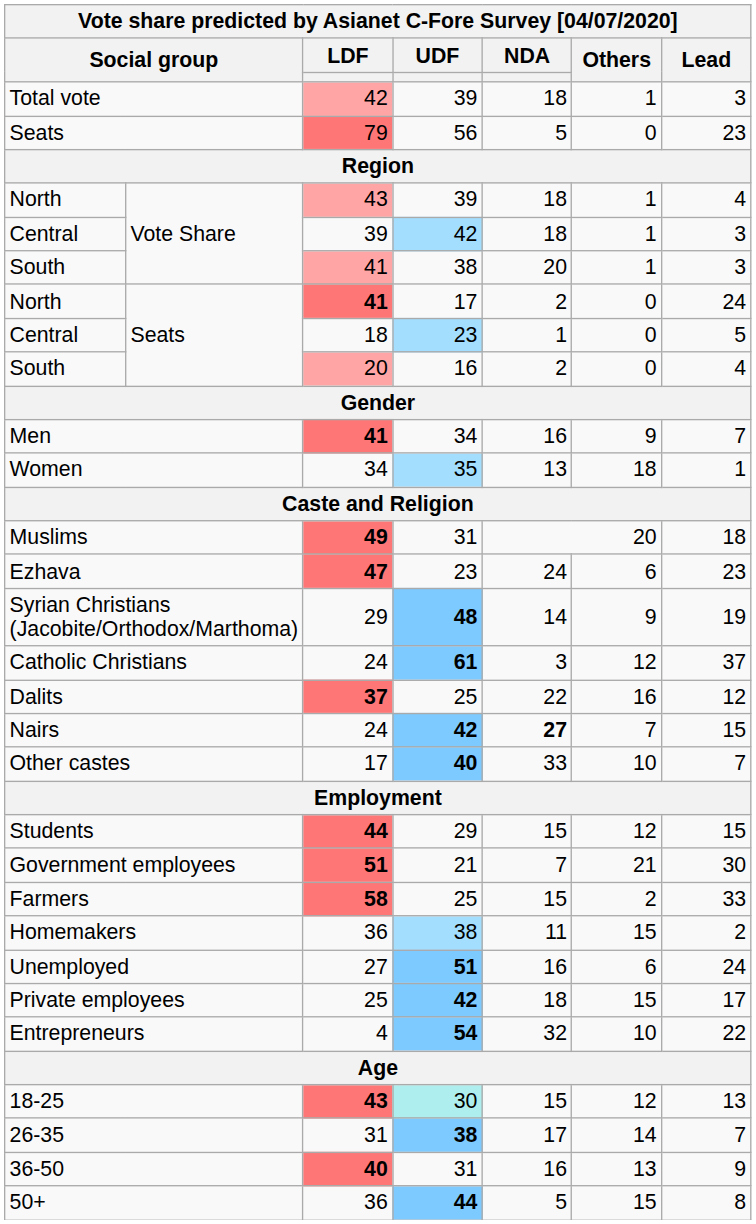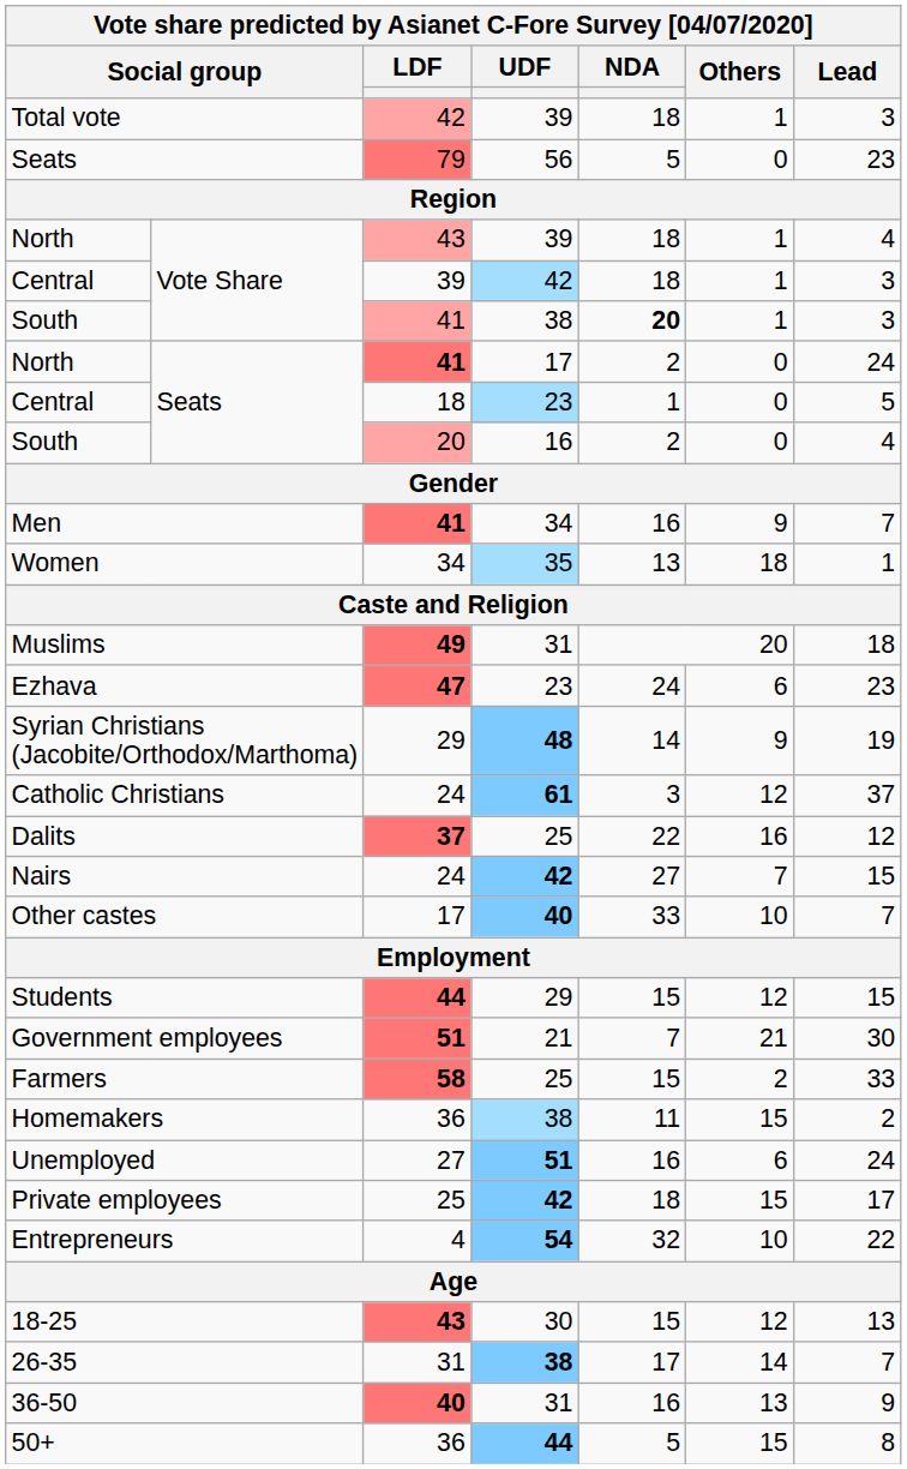 <table class="wikitable mw-collapsible mw-collapsed">
 <tr>
 <th colspan="7">Vote share predicted by Asianet C-Fore Survey [04/07/2020]</th>
 </tr>
 <tr>
 <th colspan="2" rowspan="2">Social group</th>
 <th class="unsortable" style="width:60px;">LDF</th>
 <th class="unsortable" style="width:60px;">UDF</th>
 <th class="unsortable" style="width:60px;">NDA</th>
 <th rowspan="2" class="unsortable" style="width:60px;">Others</th>
 <th rowspan="2" class="unsortable" style="width:60px;">Lead</th>
 </tr>
 <tr>
 <th class="unsortable" style="color:inherit;background:"></th>
 <th class="unsortable" style="color:inherit;background:"></th>
 <th class="unsortable" style="color:inherit;background:"></th>
 </tr>
 <tr>
 <td colspan="2">Total vote</td>
 <td style="text-align:right; background:#FFA5A5;">42</td>
 <td style="text-align:right;">39</td>
 <td style="text-align:right;">18</td>
 <td style="text-align:right;">1</td>
 <td style="text-align:right; background:">3</td>
 </tr>
 <tr>
 <td colspan="2">Seats</td>
 <td style="text-align:right; background:#FF7676;">79</td>
 <td style="text-align:right;">56</td>
 <td style="text-align:right;">5</td>
 <td style="text-align:right;">0</td>
 <td style="text-align:right; background:">23</td>
 </tr>
 <tr>
 <th colspan="7">Region</th>
 </tr>
 <tr>
 <td>North</td>
 <td rowspan="3">Vote Share</td>
 <td style="text-align:right; background:#FFA5A5;">43</td>
 <td style="text-align:right;">39</td>
 <td style="text-align:right;">18</td>
 <td style="text-align:right;">1</td>
 <td style="text-align:right; background:">4</td>
 </tr>
 <tr>
 <td>Central</td>
 <td style="text-align:right;">39</td>
 <td style="text-align:right; background:#A3DEFF;">42</td>
 <td style="text-align:right;">18</td>
 <td style="text-align:right;">1</td>
 <td style="text-align:right; background: ">3</td>
 </tr>
 <tr>
 <td>South</td>
 <td style="text-align:right; background:#FFA5A5;">41</td>
 <td style="text-align:right;">38</td>
-<td style="text-align:right;">20</td>
+<td style="text-align:right;"><strong>20</strong></td>
 <td style="text-align:right;">1</td>
 <td style="text-align:right; background:">3</td>
 </tr>
 <tr>
 <td>North</td>
 <td rowspan="3">Seats</td>
 <td style="text-align:right; background:#FF7676;"><strong>41</strong></td>
 <td style="text-align:right;">17</td>
 <td style="text-align:right;">2</td>
 <td style="text-align:right;">0</td>
 <td style="text-align:right; background:">24</td>
 </tr>
 <tr>
 <td>Central</td>
 <td style="text-align:right;">18</td>
 <td style="text-align:right; background:#A3DEFF;">23</td>
 <td style="text-align:right;">1</td>
 <td style="text-align:right;">0</td>
 <td style="text-align:right; background: ">5</td>
 </tr>
 <tr>
 <td>South</td>
 <td style="text-align:right; background:#FFA5A5;">20</td>
 <td style="text-align:right;">16</td>
 <td style="text-align:right;">2</td>
 <td style="text-align:right;">0</td>
 <td style="text-align:right; background:">4</td>
 </tr>
 <tr>
 <th colspan="7">Gender</th>
 </tr>
 <tr>
 <td colspan="2">Men</td>
 <td style="text-align:right; background:#FF7676;"><strong>41</strong></td>
 <td style="text-align:right;">34</td>
 <td style="text-align:right;">16</td>
 <td style="text-align:right;">9</td>
 <td style="text-align:right; background:">7</td>
 </tr>
 <tr>
 <td colspan="2">Women</td>
 <td style="text-align:right;">34</td>
 <td style="text-align:right; background:#A3DEFF;">35</td>
 <td style="text-align:right;">13</td>
 <td style="text-align:right;">18</td>
 <td style="text-align:right; background: ">1</td>
 </tr>
 <tr>
 <th colspan="7">Caste and Religion</th>
 </tr>
 <tr>
 <td colspan="2">Muslims</td>
 <td style="text-align:right; background:#FF7676;"><strong>49</strong></td>
 <td style="text-align:right;">31</td>
 <td colspan="2" style="text-align:right;">20</td>
 <td style="text-align:right; background:">18</td>
 </tr>
 <tr>
 <td colspan="2">Ezhava</td>
 <td style="text-align:right; background:#FF7676;"><strong>47</strong></td>
 <td style="text-align:right;">23</td>
 <td style="text-align:right;">24</td>
 <td style="text-align:right;">6</td>
 <td style="text-align:right; background:">23</td>
 </tr>
 <tr>
 <td colspan="2">Syrian Christians <br> (Jacobite/Orthodox/Marthoma)</td>
 <td style="text-align:right;">29</td>
 <td style="text-align:right; background:#7CCAFF;"><strong>48</strong></td>
 <td style="text-align:right;">14</td>
 <td style="text-align:right;">9</td>
 <td style="text-align:right; background: ">19</td>
 </tr>
 <tr>
 <td colspan="2">Catholic Christians</td>
 <td style="text-align:right;">24</td>
 <td style="text-align:right; background:#7CCAFF;"><strong>61</strong></td>
 <td style="text-align:right;">3</td>
 <td style="text-align:right;">12</td>
 <td style="text-align:right; background: ">37</td>
 </tr>
 <tr>
 <td colspan="2">Dalits</td>
 <td style="text-align:right; background:#FF7676;"><strong>37</strong></td>
 <td style="text-align:right;">25</td>
 <td style="text-align:right;">22</td>
 <td style="text-align:right;">16</td>
 <td style="text-align:right; background:">12</td>
 </tr>
 <tr>
 <td colspan="2">Nairs</td>
 <td style="text-align:right;">24</td>
 <td style="text-align:right; background:#7CCAFF;"><strong>42</strong></td>
-<td style="text-align:right;"><strong>27</strong></td>
+<td style="text-align:right;">27</td>
 <td style="text-align:right;">7</td>
 <td style="text-align:right; background: ">15</td>
 </tr>
 <tr>
 <td colspan="2">Other castes</td>
 <td style="text-align:right;">17</td>
 <td style="text-align:right; background:#7CCAFF;"><strong>40</strong></td>
 <td style="text-align:right;">33</td>
 <td style="text-align:right;">10</td>
 <td style="text-align:right; background: ">7</td>
 </tr>
 <tr>
 <th colspan="7">Employment</th>
 </tr>
 <tr>
 <td colspan="2">Students</td>
 <td style="text-align:right; background:#FF7676;"><strong>44</strong></td>
 <td style="text-align:right;">29</td>
 <td style="text-align:right;">15</td>
 <td style="text-align:right;">12</td>
 <td style="text-align:right; background:">15</td>
 </tr>
 <tr>
 <td colspan="2">Government employees</td>
 <td style="text-align:right; background:#FF7676;"><strong>51</strong></td>
 <td style="text-align:right; ">21</td>
 <td style="text-align:right;">7</td>
 <td style="text-align:right;">21</td>
 <td style="text-align:right; background:">30</td>
 </tr>
 <tr>
 <td colspan="2">Farmers</td>
 <td style="text-align:right; background:#FF7676;"><strong>58</strong></td>
 <td style="text-align:right;">25</td>
 <td style="text-align:right;">15</td>
 <td style="text-align:right;">2</td>
 <td style="text-align:right; background:">33</td>
 </tr>
 <tr>
 <td colspan="2">Homemakers</td>
 <td style="text-align:right;">36</td>
 <td style="text-align:right; background:#A3DEFF;">38</td>
 <td style="text-align:right;">11</td>
 <td style="text-align:right;">15</td>
 <td style="text-align:right; background: ">2</td>
 </tr>
 <tr>
 <td colspan="2">Unemployed</td>
 <td style="text-align:right;">27</td>
 <td style="text-align:right; background:#7CCAFF;"><strong>51</strong></td>
 <td style="text-align:right;">16</td>
 <td style="text-align:right;">6</td>
 <td style="text-align:right; background: ">24</td>
 </tr>
 <tr>
 <td colspan="2">Private employees</td>
 <td style="text-align:right;">25</td>
 <td style="text-align:right; background:#7CCAFF;"><strong>42</strong></td>
 <td style="text-align:right;">18</td>
 <td style="text-align:right;">15</td>
 <td style="text-align:right; background: ">17</td>
 </tr>
 <tr>
 <td colspan="2">Entrepreneurs</td>
 <td style="text-align:right;">4</td>
 <td style="text-align:right; background:#7CCAFF;"><strong>54</strong></td>
 <td style="text-align:right;">32</td>
 <td style="text-align:right;">10</td>
 <td style="text-align:right; background: ">22</td>
 </tr>
 <tr>
 <th colspan="7">Age</th>
 </tr>
 <tr>
 <td colspan="2">18-25</td>
 <td style="text-align:right; background:#FF7676;"><strong>43</strong></td>
-<td style="background: paleturquoise; text-align:right;">30</td>
+<td style="text-align:right;">30</td>
 <td style="text-align:right;">15</td>
 <td style="text-align:right;">12</td>
 <td style="text-align:right; background:">13</td>
 </tr>
 <tr>
 <td colspan="2">26-35</td>
 <td style="text-align:right;">31</td>
 <td style="text-align:right; background:#7CCAFF;"><strong>38</strong></td>
 <td style="text-align:right;">17</td>
 <td style="text-align:right;">14</td>
 <td style="text-align:right; background: ">7</td>
 </tr>
 <tr>
 <td colspan="2">36-50</td>
 <td style="text-align:right; background:#FF7676;"><strong>40</strong></td>
 <td style="text-align:right; ">31</td>
 <td style="text-align:right;">16</td>
 <td style="text-align:right;">13</td>
 <td style="text-align:right; background:">9</td>
 </tr>
 <tr>
 <td colspan="2">50+</td>
 <td style="text-align:right;">36</td>
 <td style="text-align:right; background:#7CCAFF;"><strong>44</strong></td>
 <td style="text-align:right;">5</td>
 <td style="text-align:right;">15</td>
 <td style="text-align:right; background: ">8</td>
 </tr>
 </table>
